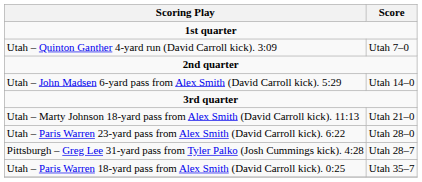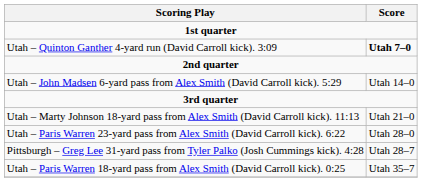 <table class="wikitable">
 <tr>
 <th>Scoring Play</th>
 <th>Score</th>
 </tr>
 <tr>
 <td colspan="4" align="center"><strong>1st quarter</strong></td>
 </tr>
 <tr>
 <td>Utah – <a href='#'>Quinton Ganther</a> 4-yard run (David Carroll kick). 3:09</td>
-<td>Utah 7–0</td>
+<td><strong>Utah 7–0</strong></td>
 </tr>
 <tr>
 <td colspan="4" align="center"><strong>2nd quarter</strong></td>
 </tr>
 <tr>
 <td>Utah – <a href='#'>John Madsen</a> 6-yard pass from <a href='#'>Alex Smith</a> (David Carroll kick). 5:29</td>
 <td>Utah 14–0</td>
 </tr>
 <tr>
 <td colspan="4" align="center"><strong>3rd quarter</strong></td>
 </tr>
 <tr>
 <td>Utah – Marty Johnson 18-yard pass from <a href='#'>Alex Smith</a> (David Carroll kick). 11:13</td>
 <td>Utah 21–0</td>
 </tr>
 <tr>
 <td>Utah – <a href='#'>Paris Warren</a> 23-yard pass from <a href='#'>Alex Smith</a> (David Carroll kick). 6:22</td>
 <td>Utah 28–0</td>
 </tr>
 <tr>
 <td>Pittsburgh – <a href='#'>Greg Lee</a> 31-yard pass from <a href='#'>Tyler Palko</a> (Josh Cummings kick). 4:28</td>
 <td>Utah 28–7</td>
 </tr>
 <tr>
 <td>Utah – <a href='#'>Paris Warren</a> 18-yard pass from <a href='#'>Alex Smith</a> (David Carroll kick). 0:25</td>
 <td>Utah 35–7</td>
 </tr>
 <tr>
 </tr>
 </table>
